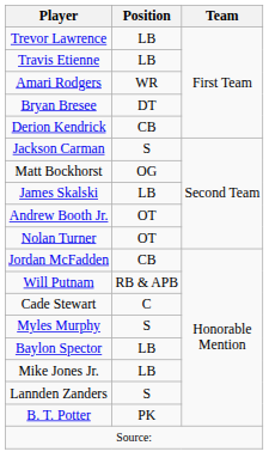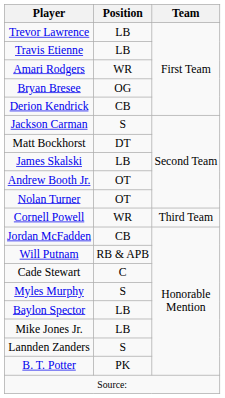 <table class="wikitable" style="text-align: center">
 <tr align=center>
 <th>Player</th>
 <th>Position</th>
 <th>Team</th>
 </tr>
 <tr>
 <td><a href='#'>Trevor Lawrence</a></td>
 <td>LB</td>
 <td rowspan=5>First Team</td>
 </tr>
 <tr>
 <td><a href='#'>Travis Etienne</a></td>
 <td>LB</td>
 </tr>
 <tr>
 <td><a href='#'>Amari Rodgers</a></td>
 <td>WR</td>
 </tr>
 <tr>
 <td><a href='#'>Bryan Bresee</a></td>
-<td>DT</td>
+<td>OG</td>
 </tr>
 <tr>
 <td><a href='#'>Derion Kendrick</a></td>
 <td>CB</td>
 </tr>
 <tr>
 <td><a href='#'>Jackson Carman</a></td>
 <td>S</td>
 <td rowspan=5>Second Team</td>
 </tr>
 <tr>
 <td>Matt Bockhorst</td>
-<td>OG</td>
+<td>DT</td>
 </tr>
 <tr>
 <td><a href='#'>James Skalski</a></td>
 <td>LB</td>
 </tr>
 <tr>
 <td><a href='#'>Andrew Booth Jr.</a></td>
 <td>OT</td>
 </tr>
 <tr>
 <td><a href='#'>Nolan Turner</a></td>
 <td>OT</td>
+</tr>
+<tr>
+<td><a href='#'>Cornell Powell</a></td>
+<td>WR</td>
+<td>Third Team</td>
 </tr>
 <tr>
 <td><a href='#'>Jordan McFadden</a></td>
 <td>CB</td>
 <td rowspan=8>Honorable<br>Mention</td>
 </tr>
 <tr>
 <td><a href='#'>Will Putnam</a></td>
 <td>RB & APB</td>
 </tr>
 <tr>
 <td>Cade Stewart</td>
 <td>C</td>
 </tr>
 <tr>
 <td><a href='#'>Myles Murphy</a></td>
 <td>S</td>
 </tr>
 <tr>
 <td><a href='#'>Baylon Spector</a></td>
 <td>LB</td>
 </tr>
 <tr>
 <td>Mike Jones Jr.</td>
 <td>LB</td>
 </tr>
 <tr>
 <td>Lannden Zanders</td>
 <td>S</td>
 </tr>
 <tr>
 <td><a href='#'>B. T. Potter</a></td>
 <td>PK</td>
 </tr>
 <tr>
 <td colspan="3"><small>Source:</small></td>
 </tr>
 </table>
